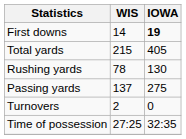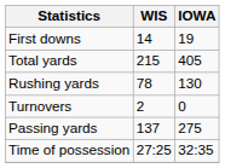 <table class="wikitable">
 <tr>
 <th>Statistics</th>
 <th>WIS</th>
 <th>IOWA</th>
 </tr>
 <tr>
 <td>First downs</td>
 <td>14</td>
-<td><strong>19</strong></td>
+<td>19</td>
 </tr>
 <tr>
 <td>Total yards</td>
 <td>215</td>
 <td>405</td>
 </tr>
 <tr>
 <td>Rushing yards</td>
 <td>78</td>
 <td>130</td>
 </tr>
 <tr>
+<td>Turnovers</td>
+<td>2</td>
+<td>0</td>
+</tr>
+<tr>
 <td>Passing yards</td>
 <td>137</td>
 <td>275</td>
-</tr>
-<tr>
-<td>Turnovers</td>
-<td>2</td>
-<td>0</td>
 </tr>
 <tr>
 <td>Time of possession</td>
 <td>27:25</td>
 <td>32:35</td>
 </tr>
 <tr>
 </tr>
 </table>
